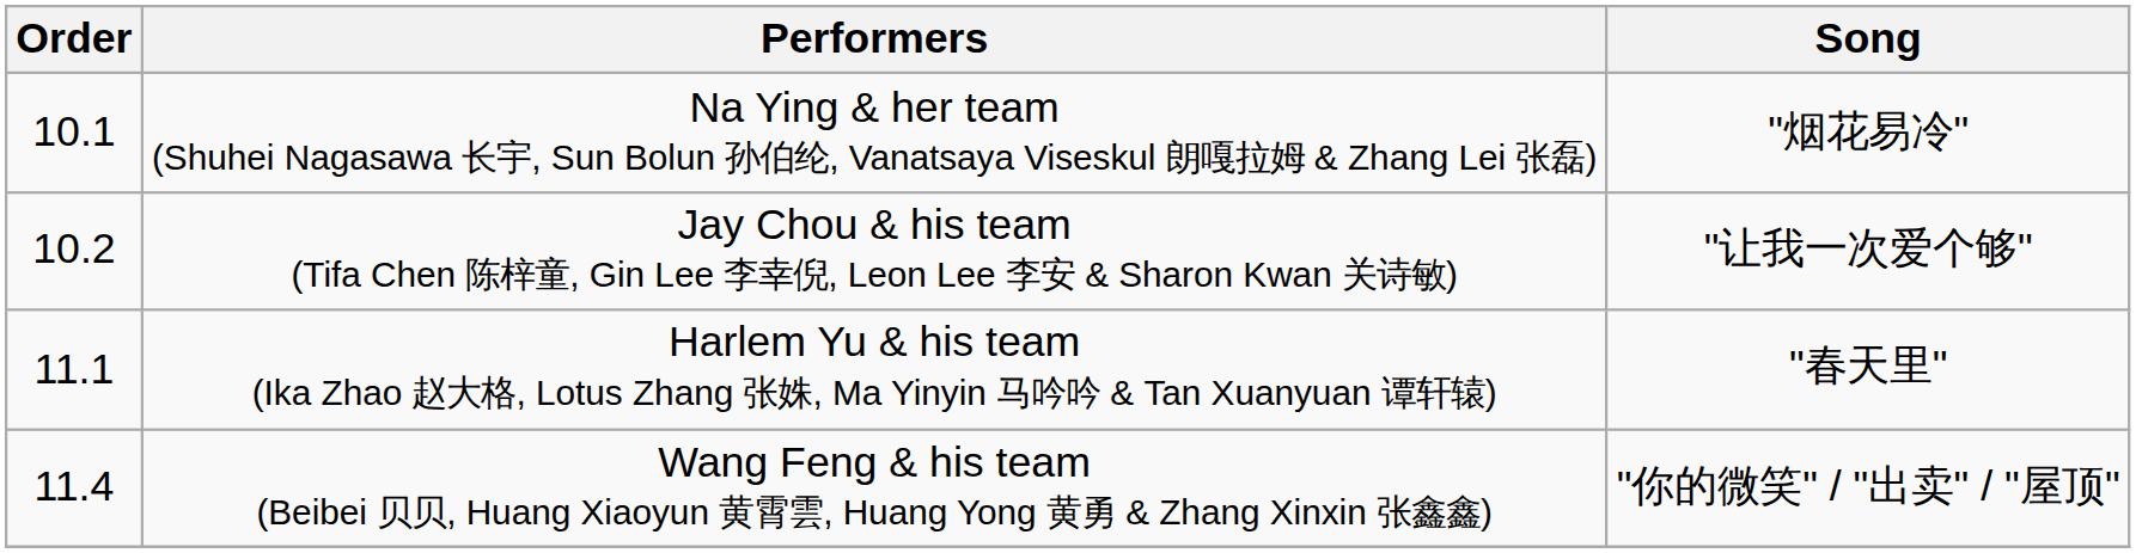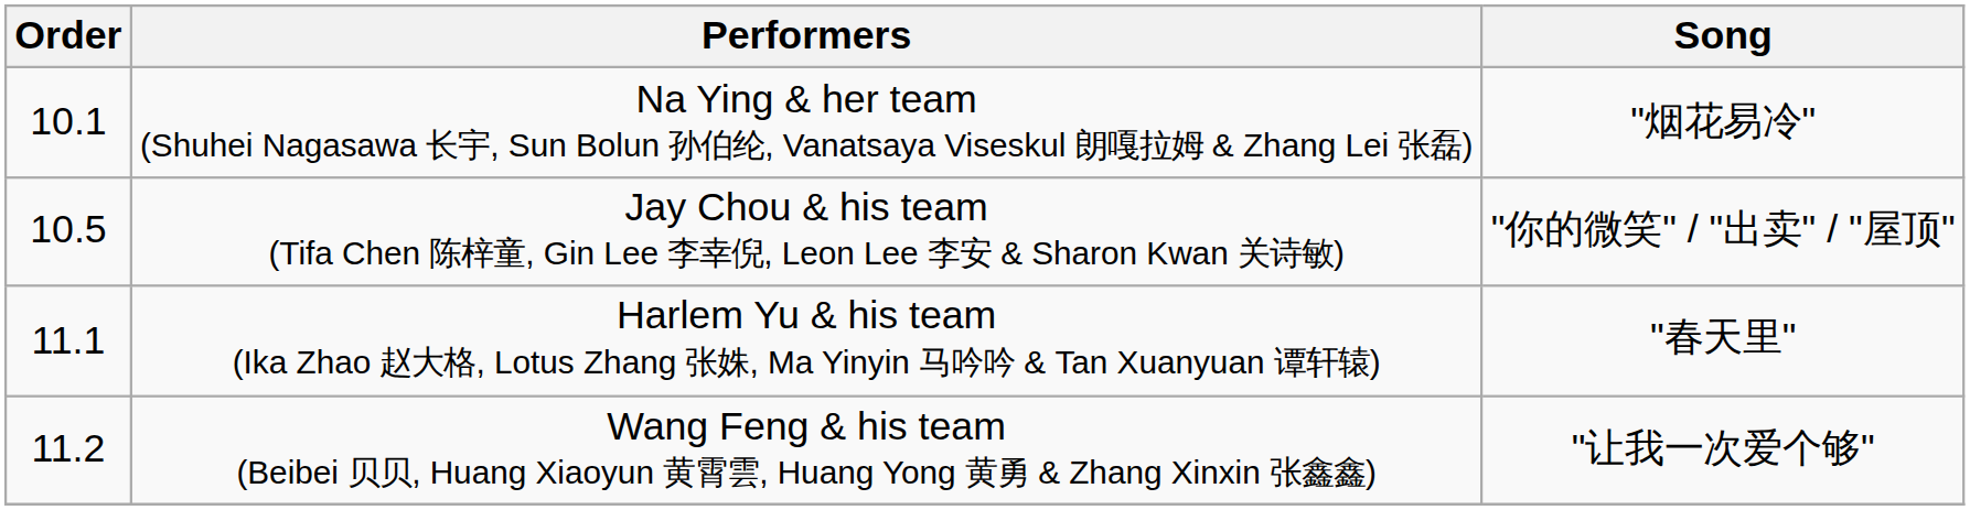 <table class="wikitable" style="text-align:center;">
 <tr>
 <th>Order</th>
 <th>Performers</th>
 <th>Song</th>
 </tr>
 <tr>
 <td>10.1</td>
 <td>Na Ying & her team <br><small>(Shuhei Nagasawa 长宇, Sun Bolun 孙伯纶, Vanatsaya Viseskul 朗嘎拉姆 & Zhang Lei 张磊)</small></td>
 <td>"烟花易冷"</td>
 </tr>
 <tr>
-<td>10.2</td>
+<td>10.5</td>
 <td>Jay Chou & his team <br><small>(Tifa Chen 陈梓童, Gin Lee 李幸倪, Leon Lee 李安 & Sharon Kwan 关诗敏)</small></td>
-<td>"让我一次爱个够"</td>
+<td>"你的微笑" / "出卖" / "屋顶"</td>
 </tr>
 <tr>
 <td>11.1</td>
 <td>Harlem Yu & his team <br><small>(Ika Zhao 赵大格, Lotus Zhang 张姝, Ma Yinyin 马吟吟 & Tan Xuanyuan 谭轩辕)</small></td>
 <td>"春天里"</td>
 </tr>
 <tr>
-<td>11.4</td>
+<td>11.2</td>
 <td>Wang Feng & his team <br><small>(Beibei 贝贝, Huang Xiaoyun 黄霄雲, Huang Yong 黄勇 & Zhang Xinxin 张鑫鑫)</small></td>
-<td>"你的微笑" / "出卖" / "屋顶"</td>
+<td>"让我一次爱个够"</td>
 </tr>
 <tr>
 </tr>
 </table>
